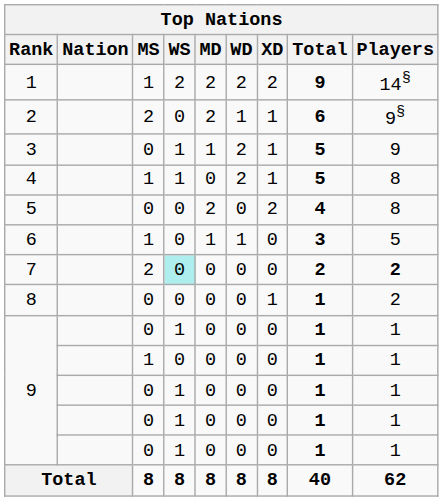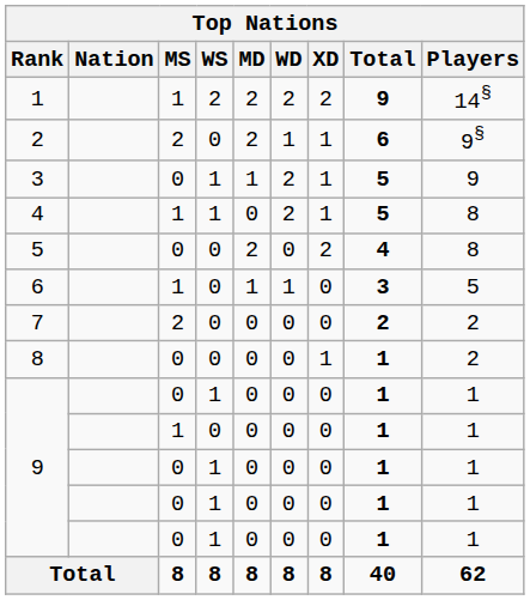 <table class="wikitable" style="text-align:center">
 <tr>
 <th colspan=10>Top Nations</th>
 </tr>
 <tr>
 <th>Rank</th>
 <th>Nation</th>
 <th>MS</th>
 <th>WS</th>
 <th>MD</th>
 <th>WD</th>
 <th>XD</th>
 <th>Total</th>
 <th>Players</th>
 </tr>
 <tr>
 <td>1</td>
 <td align=left></td>
 <td>1</td>
 <td>2</td>
 <td>2</td>
 <td>2</td>
 <td>2</td>
 <td><strong>9</strong></td>
 <td>14<sup>§</sup></td>
 </tr>
 <tr>
 <td>2</td>
 <td align=left></td>
 <td>2</td>
 <td>0</td>
 <td>2</td>
 <td>1</td>
 <td>1</td>
 <td><strong>6</strong></td>
 <td>9<sup>§</sup></td>
 </tr>
 <tr align=center>
 <td>3</td>
 <td align=left></td>
 <td>0</td>
 <td>1</td>
 <td>1</td>
 <td>2</td>
 <td>1</td>
 <td><strong>5</strong></td>
 <td>9</td>
 </tr>
 <tr align=center>
 <td>4</td>
 <td align=left></td>
 <td>1</td>
 <td>1</td>
 <td>0</td>
 <td>2</td>
 <td>1</td>
 <td><strong>5</strong></td>
 <td>8</td>
 </tr>
 <tr align=center>
 <td>5</td>
 <td align=left></td>
 <td>0</td>
 <td>0</td>
 <td>2</td>
 <td>0</td>
 <td>2</td>
 <td><strong>4</strong></td>
 <td>8</td>
 </tr>
 <tr align=center>
 <td>6</td>
 <td align=left></td>
 <td>1</td>
 <td>0</td>
 <td>1</td>
 <td>1</td>
 <td>0</td>
 <td><strong>3</strong></td>
 <td>5</td>
 </tr>
 <tr align=center>
 <td>7</td>
 <td align=left></td>
 <td>2</td>
-<td style="background: paleturquoise;">0</td>
+<td>0</td>
 <td>0</td>
 <td>0</td>
 <td>0</td>
 <td><strong>2</strong></td>
-<td><strong>2</strong></td>
+<td>2</td>
 </tr>
 <tr align=center>
 <td>8</td>
 <td align=left></td>
 <td>0</td>
 <td>0</td>
 <td>0</td>
 <td>0</td>
 <td>1</td>
 <td><strong>1</strong></td>
 <td>2</td>
 </tr>
 <tr align=center>
 <td rowspan=5>9</td>
 <td align=left></td>
 <td>0</td>
 <td>1</td>
 <td>0</td>
 <td>0</td>
 <td>0</td>
 <td><strong>1</strong></td>
 <td>1</td>
 </tr>
 <tr align=center>
 <td align=left></td>
 <td>1</td>
 <td>0</td>
 <td>0</td>
 <td>0</td>
 <td>0</td>
 <td><strong>1</strong></td>
 <td>1</td>
 </tr>
 <tr align=center>
 <td align=left></td>
 <td>0</td>
 <td>1</td>
 <td>0</td>
 <td>0</td>
 <td>0</td>
 <td><strong>1</strong></td>
 <td>1</td>
 </tr>
 <tr align=center>
 <td align=left></td>
 <td>0</td>
 <td>1</td>
 <td>0</td>
 <td>0</td>
 <td>0</td>
 <td><strong>1</strong></td>
 <td>1</td>
 </tr>
 <tr align=center>
 <td align=left></td>
 <td>0</td>
 <td>1</td>
 <td>0</td>
 <td>0</td>
 <td>0</td>
 <td><strong>1</strong></td>
 <td>1</td>
 </tr>
 <tr>
 <th colspan=2>Total</th>
 <td><strong>8</strong></td>
 <td><strong>8</strong></td>
 <td><strong>8</strong></td>
 <td><strong>8</strong></td>
 <td><strong>8</strong></td>
 <td><strong>40</strong></td>
 <td><strong>62</strong></td>
 </tr>
 </table>
